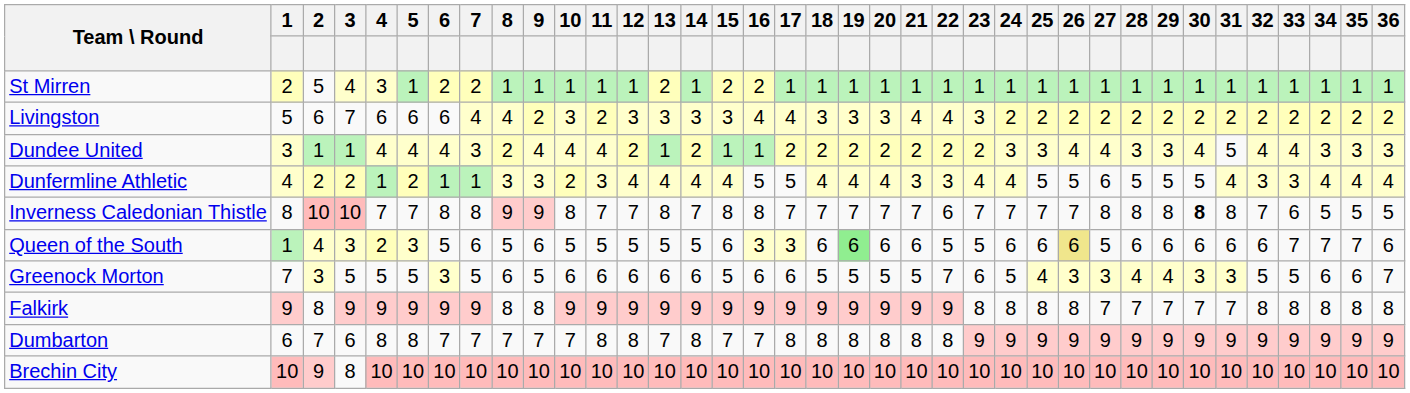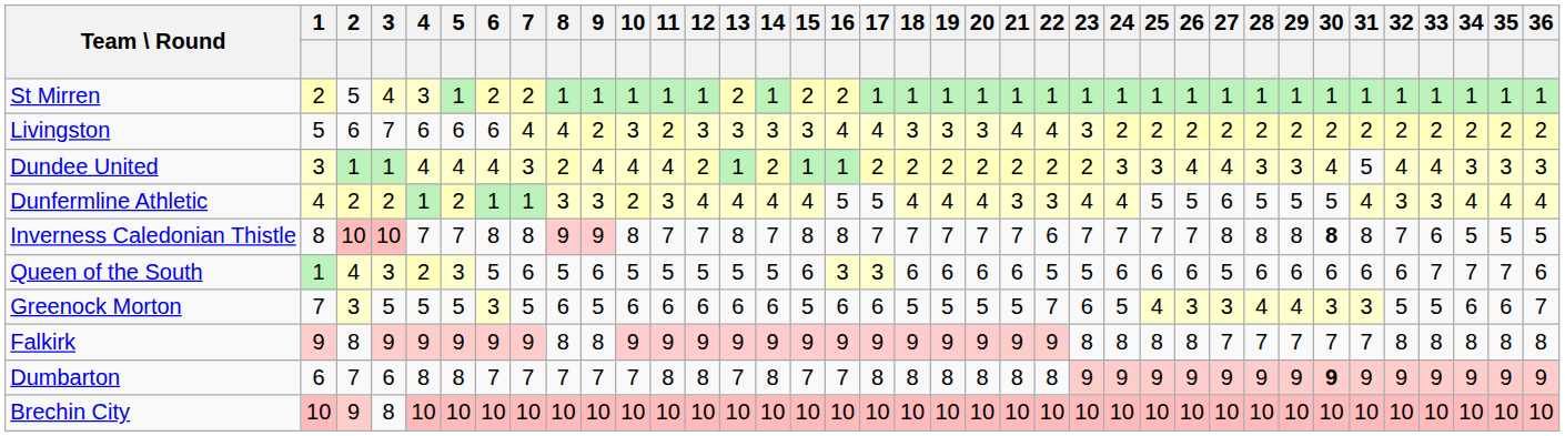 <table class="wikitable sortable" style="font-size: 100%; text-align:center;">
 <tr>
 <th rowspan="2">Team \ Round</th>
 <th align=center>1</th>
 <th align=center>2</th>
 <th align=center>3</th>
 <th align=center>4</th>
 <th align=center>5</th>
 <th align=center>6</th>
 <th align=center>7</th>
 <th align=center>8</th>
 <th align=center>9</th>
 <th align=center>10</th>
 <th align=center>11</th>
 <th align=center>12</th>
 <th align=center>13</th>
 <th align=center>14</th>
 <th align=center>15</th>
 <th align=center>16</th>
 <th align=center>17</th>
 <th align=center>18</th>
 <th align=center>19</th>
 <th align=center>20</th>
 <th align=center>21</th>
 <th align=center>22</th>
 <th align=center>23</th>
 <th align=center>24</th>
 <th align=center>25</th>
 <th align=center>26</th>
 <th align=center>27</th>
 <th align=center>28</th>
 <th align=center>29</th>
 <th align=center>30</th>
 <th align=center>31</th>
 <th align=center>32</th>
 <th align=center>33</th>
 <th align=center>34</th>
 <th align=center>35</th>
 <th align=center>36</th>
 </tr>
 <tr>
 <th style="text-align:center; height:20px;"></th>
 <th align=center></th>
 <th align=center></th>
 <th align=center></th>
 <th align=center></th>
 <th align=center></th>
 <th align=center></th>
 <th align=center></th>
 <th align=center></th>
 <th align=center></th>
 <th align=center></th>
 <th align=center></th>
 <th align=center></th>
 <th align=center></th>
 <th align=center></th>
 <th align=center></th>
 <th align=center></th>
 <th align=center></th>
 <th align=center></th>
 <th align=center></th>
 <th align=center></th>
 <th align=center></th>
 <th align=center></th>
 <th align=center></th>
 <th align=center></th>
 <th align=center></th>
 <th align=center></th>
 <th align=center></th>
 <th align=center></th>
 <th align=center></th>
 <th align=center></th>
 <th align=center></th>
 <th align=center></th>
 <th align=center></th>
 <th align=center></th>
 <th align=center></th>
 </tr>
 <tr align=center>
 <td align=left><a href='#'>St Mirren</a></td>
 <td style="background:#FFFFBB">2</td>
 <td>5</td>
 <td style="background:#FFFFCC">4</td>
 <td style="background:#FFFFCC">3</td>
 <td style="background:#BBF3BB">1</td>
 <td style="background:#FFFFBB">2</td>
 <td style="background:#FFFFBB">2</td>
 <td style="background:#BBF3BB">1</td>
 <td style="background:#BBF3BB">1</td>
 <td style="background:#BBF3BB">1</td>
 <td style="background:#BBF3BB">1</td>
 <td style="background:#BBF3BB">1</td>
 <td style="background:#FFFFBB">2</td>
 <td style="background:#BBF3BB">1</td>
 <td style="background:#FFFFBB">2</td>
 <td style="background:#FFFFBB">2</td>
 <td style="background:#BBF3BB">1</td>
 <td style="background:#BBF3BB">1</td>
 <td style="background:#BBF3BB">1</td>
 <td style="background:#BBF3BB">1</td>
 <td style="background:#BBF3BB">1</td>
 <td style="background:#BBF3BB">1</td>
 <td style="background:#BBF3BB">1</td>
 <td style="background:#BBF3BB">1</td>
 <td style="background:#BBF3BB">1</td>
 <td style="background:#BBF3BB">1</td>
 <td style="background:#BBF3BB">1</td>
 <td style="background:#BBF3BB">1</td>
 <td style="background:#BBF3BB">1</td>
 <td style="background:#BBF3BB">1</td>
 <td style="background:#BBF3BB">1</td>
 <td style="background:#BBF3BB">1</td>
 <td style="background:#BBF3BB">1</td>
 <td style="background:#BBF3BB">1</td>
 <td style="background:#BBF3BB">1</td>
 <td style="background:#BBF3BB">1</td>
 </tr>
 <tr align=center>
 <td align=left><a href='#'>Livingston</a></td>
 <td>5</td>
 <td>6</td>
 <td>7</td>
 <td>6</td>
 <td>6</td>
 <td>6</td>
 <td style="background:#FFFFCC">4</td>
 <td style="background:#FFFFCC">4</td>
 <td style="background:#FFFFBB">2</td>
 <td style="background:#FFFFCC">3</td>
 <td style="background:#FFFFBB">2</td>
 <td style="background:#FFFFCC">3</td>
 <td style="background:#FFFFCC">3</td>
 <td style="background:#FFFFCC">3</td>
 <td style="background:#FFFFCC">3</td>
 <td style="background:#FFFFCC">4</td>
 <td style="background:#FFFFCC">4</td>
 <td style="background:#FFFFCC">3</td>
 <td style="background:#FFFFCC">3</td>
 <td style="background:#FFFFCC">3</td>
 <td style="background:#FFFFCC">4</td>
 <td style="background:#FFFFCC">4</td>
 <td style="background:#FFFFCC">3</td>
 <td style="background:#FFFFBB">2</td>
 <td style="background:#FFFFBB">2</td>
 <td style="background:#FFFFBB">2</td>
 <td style="background:#FFFFBB">2</td>
 <td style="background:#FFFFBB">2</td>
 <td style="background:#FFFFBB">2</td>
 <td style="background:#FFFFBB">2</td>
 <td style="background:#FFFFBB">2</td>
 <td style="background:#FFFFBB">2</td>
 <td style="background:#FFFFBB">2</td>
 <td style="background:#FFFFBB">2</td>
 <td style="background:#FFFFBB">2</td>
 <td style="background:#FFFFBB">2</td>
 </tr>
 <tr align=center>
 <td align=left><a href='#'>Dundee United</a></td>
 <td style="background:#FFFFCC">3</td>
 <td style="background:#BBF3BB">1</td>
 <td style="background:#BBF3BB">1</td>
 <td style="background:#FFFFCC">4</td>
 <td style="background:#FFFFCC">4</td>
 <td style="background:#FFFFCC">4</td>
 <td style="background:#FFFFCC">3</td>
 <td style="background:#FFFFBB">2</td>
 <td style="background:#FFFFCC">4</td>
 <td style="background:#FFFFCC">4</td>
 <td style="background:#FFFFCC">4</td>
 <td style="background:#FFFFBB">2</td>
 <td style="background:#BBF3BB">1</td>
 <td style="background:#FFFFBB">2</td>
 <td style="background:#BBF3BB">1</td>
 <td style="background:#BBF3BB">1</td>
 <td style="background:#FFFFBB">2</td>
 <td style="background:#FFFFBB">2</td>
 <td style="background:#FFFFBB">2</td>
 <td style="background:#FFFFBB">2</td>
 <td style="background:#FFFFBB">2</td>
 <td style="background:#FFFFBB">2</td>
 <td style="background:#FFFFBB">2</td>
 <td style="background:#FFFFCC">3</td>
 <td style="background:#FFFFCC">3</td>
 <td style="background:#FFFFCC">4</td>
 <td style="background:#FFFFCC">4</td>
 <td style="background:#FFFFCC">3</td>
 <td style="background:#FFFFCC">3</td>
 <td style="background:#FFFFCC">4</td>
 <td>5</td>
 <td style="background:#FFFFCC">4</td>
 <td style="background:#FFFFCC">4</td>
 <td style="background:#FFFFCC">3</td>
 <td style="background:#FFFFCC">3</td>
 <td style="background:#FFFFCC">3</td>
 </tr>
 <tr align=center>
 <td align=left><a href='#'>Dunfermline Athletic</a></td>
 <td style="background:#FFFFCC">4</td>
 <td style="background:#FFFFBB">2</td>
 <td style="background:#FFFFBB">2</td>
 <td style="background:#BBF3BB">1</td>
 <td style="background:#FFFFBB">2</td>
 <td style="background:#BBF3BB">1</td>
 <td style="background:#BBF3BB">1</td>
 <td style="background:#FFFFCC">3</td>
 <td style="background:#FFFFCC">3</td>
 <td style="background:#FFFFBB">2</td>
 <td style="background:#FFFFCC">3</td>
 <td style="background:#FFFFCC">4</td>
 <td style="background:#FFFFCC">4</td>
 <td style="background:#FFFFCC">4</td>
 <td style="background:#FFFFCC">4</td>
 <td>5</td>
 <td>5</td>
 <td style="background:#FFFFCC">4</td>
 <td style="background:#FFFFCC">4</td>
 <td style="background:#FFFFCC">4</td>
 <td style="background:#FFFFCC">3</td>
 <td style="background:#FFFFCC">3</td>
 <td style="background:#FFFFCC">4</td>
 <td style="background:#FFFFCC">4</td>
 <td>5</td>
 <td>5</td>
 <td>6</td>
 <td>5</td>
 <td>5</td>
 <td>5</td>
 <td style="background:#FFFFCC">4</td>
 <td style="background:#FFFFCC">3</td>
 <td style="background:#FFFFCC">3</td>
 <td style="background:#FFFFCC">4</td>
 <td style="background:#FFFFCC">4</td>
 <td style="background:#FFFFCC">4</td>
 </tr>
 <tr align=center>
 <td align=left><a href='#'>Inverness Caledonian Thistle</a></td>
 <td>8</td>
 <td style="background:#FFBBBB">10</td>
 <td style="background:#FFBBBB">10</td>
 <td>7</td>
 <td>7</td>
 <td>8</td>
 <td>8</td>
 <td style="background:#FFCCCC">9</td>
 <td style="background:#FFCCCC">9</td>
 <td>8</td>
 <td>7</td>
 <td>7</td>
 <td>8</td>
 <td>7</td>
 <td>8</td>
 <td>8</td>
 <td>7</td>
 <td>7</td>
 <td>7</td>
 <td>7</td>
 <td>7</td>
 <td>6</td>
 <td>7</td>
 <td>7</td>
 <td>7</td>
 <td>7</td>
 <td>8</td>
 <td>8</td>
 <td>8</td>
 <td><strong>8</strong></td>
 <td>8</td>
 <td>7</td>
 <td>6</td>
 <td>5</td>
 <td>5</td>
 <td>5</td>
 </tr>
 <tr align=center>
 <td align=left><a href='#'>Queen of the South</a></td>
 <td style="background:#BBF3BB">1</td>
 <td style="background:#FFFFCC">4</td>
 <td style="background:#FFFFCC">3</td>
 <td style="background:#FFFFBB">2</td>
 <td style="background:#FFFFCC">3</td>
 <td>5</td>
 <td>6</td>
 <td>5</td>
 <td>6</td>
 <td>5</td>
 <td>5</td>
 <td>5</td>
 <td>5</td>
 <td>5</td>
 <td>6</td>
 <td style="background:#FFFFCC">3</td>
 <td style="background:#FFFFCC">3</td>
 <td>6</td>
-<td style="background: lightgreen;">6</td>
+<td>6</td>
 <td>6</td>
 <td>6</td>
 <td>5</td>
 <td>5</td>
 <td>6</td>
 <td>6</td>
-<td style="background: khaki;">6</td>
+<td>6</td>
 <td>5</td>
 <td>6</td>
 <td>6</td>
 <td>6</td>
 <td>6</td>
 <td>6</td>
 <td>7</td>
 <td>7</td>
 <td>7</td>
 <td>6</td>
 </tr>
 <tr align=center>
 <td align=left><a href='#'>Greenock Morton</a></td>
 <td>7</td>
 <td style="background:#FFFFCC">3</td>
 <td>5</td>
 <td>5</td>
 <td>5</td>
 <td style="background:#FFFFCC">3</td>
 <td>5</td>
 <td>6</td>
 <td>5</td>
 <td>6</td>
 <td>6</td>
 <td>6</td>
 <td>6</td>
 <td>6</td>
 <td>5</td>
 <td>6</td>
 <td>6</td>
 <td>5</td>
 <td>5</td>
 <td>5</td>
 <td>5</td>
 <td>7</td>
 <td>6</td>
 <td>5</td>
 <td style="background:#FFFFCC">4</td>
 <td style="background:#FFFFCC">3</td>
 <td style="background:#FFFFCC">3</td>
 <td style="background:#FFFFCC">4</td>
 <td style="background:#FFFFCC">4</td>
 <td style="background:#FFFFCC">3</td>
 <td style="background:#FFFFCC">3</td>
 <td>5</td>
 <td>5</td>
 <td>6</td>
 <td>6</td>
 <td>7</td>
 </tr>
 <tr align=center>
 <td align=left><a href='#'>Falkirk</a></td>
 <td style="background:#FFCCCC">9</td>
 <td>8</td>
 <td style="background:#FFCCCC">9</td>
 <td style="background:#FFCCCC">9</td>
 <td style="background:#FFCCCC">9</td>
 <td style="background:#FFCCCC">9</td>
 <td style="background:#FFCCCC">9</td>
 <td>8</td>
 <td>8</td>
 <td style="background:#FFCCCC">9</td>
 <td style="background:#FFCCCC">9</td>
 <td style="background:#FFCCCC">9</td>
 <td style="background:#FFCCCC">9</td>
 <td style="background:#FFCCCC">9</td>
 <td style="background:#FFCCCC">9</td>
 <td style="background:#FFCCCC">9</td>
 <td style="background:#FFCCCC">9</td>
 <td style="background:#FFCCCC">9</td>
 <td style="background:#FFCCCC">9</td>
 <td style="background:#FFCCCC">9</td>
 <td style="background:#FFCCCC">9</td>
 <td style="background:#FFCCCC">9</td>
 <td>8</td>
 <td>8</td>
 <td>8</td>
 <td>8</td>
 <td>7</td>
 <td>7</td>
 <td>7</td>
 <td>7</td>
 <td>7</td>
 <td>8</td>
 <td>8</td>
 <td>8</td>
 <td>8</td>
 <td>8</td>
 </tr>
 <tr align=center>
 <td align=left><a href='#'>Dumbarton</a></td>
 <td>6</td>
 <td>7</td>
 <td>6</td>
 <td>8</td>
 <td>8</td>
 <td>7</td>
 <td>7</td>
 <td>7</td>
 <td>7</td>
 <td>7</td>
 <td>8</td>
 <td>8</td>
 <td>7</td>
 <td>8</td>
 <td>7</td>
 <td>7</td>
 <td>8</td>
 <td>8</td>
 <td>8</td>
 <td>8</td>
 <td>8</td>
 <td>8</td>
 <td style="background:#FFCCCC">9</td>
 <td style="background:#FFCCCC">9</td>
 <td style="background:#FFCCCC">9</td>
 <td style="background:#FFCCCC">9</td>
 <td style="background:#FFCCCC">9</td>
 <td style="background:#FFCCCC">9</td>
 <td style="background:#FFCCCC">9</td>
-<td style="background:#FFCCCC">9</td>
+<td style="background:#FFCCCC"><strong>9</strong></td>
 <td style="background:#FFCCCC">9</td>
 <td style="background:#FFCCCC">9</td>
 <td style="background:#FFCCCC">9</td>
 <td style="background:#FFCCCC">9</td>
 <td style="background:#FFCCCC">9</td>
 <td style="background:#FFCCCC">9</td>
 </tr>
 <tr align=center>
 <td align=left><a href='#'>Brechin City</a></td>
 <td style="background:#FFBBBB">10</td>
 <td style="background:#FFCCCC">9</td>
 <td>8</td>
 <td style="background:#FFBBBB">10</td>
 <td style="background:#FFBBBB">10</td>
 <td style="background:#FFBBBB">10</td>
 <td style="background:#FFBBBB">10</td>
 <td style="background:#FFBBBB">10</td>
 <td style="background:#FFBBBB">10</td>
 <td style="background:#FFBBBB">10</td>
 <td style="background:#FFBBBB">10</td>
 <td style="background:#FFBBBB">10</td>
 <td style="background:#FFBBBB">10</td>
 <td style="background:#FFBBBB">10</td>
 <td style="background:#FFBBBB">10</td>
 <td style="background:#FFBBBB">10</td>
 <td style="background:#FFBBBB">10</td>
 <td style="background:#FFBBBB">10</td>
 <td style="background:#FFBBBB">10</td>
 <td style="background:#FFBBBB">10</td>
 <td style="background:#FFBBBB">10</td>
 <td style="background:#FFBBBB">10</td>
 <td style="background:#FFBBBB">10</td>
 <td style="background:#FFBBBB">10</td>
 <td style="background:#FFBBBB">10</td>
 <td style="background:#FFBBBB">10</td>
 <td style="background:#FFBBBB">10</td>
 <td style="background:#FFBBBB">10</td>
 <td style="background:#FFBBBB">10</td>
 <td style="background:#FFBBBB">10</td>
 <td style="background:#FFBBBB">10</td>
 <td style="background:#FFBBBB">10</td>
 <td style="background:#FFBBBB">10</td>
 <td style="background:#FFBBBB">10</td>
 <td style="background:#FFBBBB">10</td>
 <td style="background:#FFBBBB">10</td>
 </tr>
 </table>
